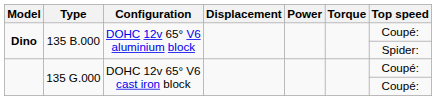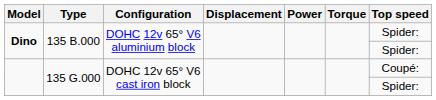 <table class="wikitable" style="text-align:center; font-size:91%;">
 <tr>
 <th>Model</th>
 <th>Type</th>
 <th>Configuration</th>
 <th>Displacement</th>
 <th>Power</th>
 <th>Torque</th>
 <th>Top speed</th>
 </tr>
 <tr>
 <td rowspan=2><strong>Dino</strong></td>
 <td rowspan=2>135 B.000</td>
 <td rowspan=2><a href='#'>DOHC</a> <a href='#'>12v</a> 65° <a href='#'>V6</a><br><a href='#'>aluminium</a> <a href='#'>block</a></td>
 <td rowspan=2></td>
 <td rowspan=2> </td>
 <td rowspan=2> </td>
-<td>Coupé: </td>
+<td>Spider: </td>
 </tr>
 <tr>
 <td>Spider: </td>
 </tr>
 <tr>
 <td rowspan=2></td>
 <td rowspan=2>135 G.000</td>
 <td rowspan=2>DOHC 12v 65° V6<br><a href='#'>cast iron</a> block</td>
 <td rowspan=2></td>
 <td rowspan=2> </td>
 <td rowspan=2> </td>
 <td>Coupé: </td>
 </tr>
 <tr>
-<td>Coupé: </td>
+<td>Spider: </td>
 </tr>
 </table>
